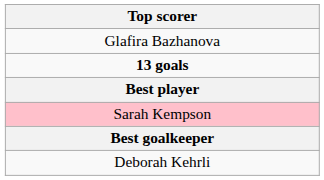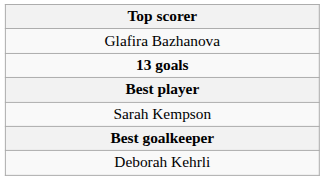 <table class="wikitable" style="margin: 1em auto; text-align:center;">
 <tr>
 <th width=320>Top scorer</th>
 </tr>
 <tr>
 <td> Glafira Bazhanova </td>
 </tr>
 <tr>
 <td><strong>13 goals</strong></td>
 </tr>
 <tr>
 <th>Best player</th>
 </tr>
 <tr>
-<td style="background: pink;"> Sarah Kempson </td>
+<td> Sarah Kempson </td>
 </tr>
 <tr>
 <th>Best goalkeeper</th>
 </tr>
 <tr>
 <td> Deborah Kehrli </td>
 </tr>
 </table>
